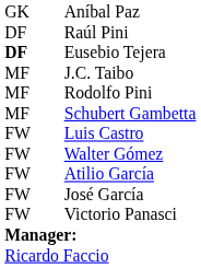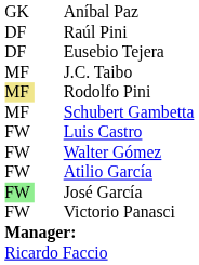 <table style="font-size:90%; margin:0.2em auto;" cellspacing="0" cellpadding="0">
 <tr>
 <th width="25"></th>
 <th width="25"></th>
 </tr>
 <tr>
 <td>GK</td>
 <td></td>
 <td> Aníbal Paz</td>
 </tr>
 <tr>
 <td>DF</td>
 <td></td>
 <td> Raúl Pini</td>
 </tr>
 <tr>
-<td><strong>DF</strong></td>
+<td>DF</td>
 <td></td>
 <td> Eusebio Tejera</td>
 </tr>
 <tr>
 <td>MF</td>
 <td></td>
 <td> J.C. Taibo</td>
 </tr>
 <tr>
-<td>MF</td>
+<td style="background: khaki;">MF</td>
 <td></td>
 <td> Rodolfo Pini</td>
 </tr>
 <tr>
 <td>MF</td>
 <td></td>
 <td> <a href='#'>Schubert Gambetta</a></td>
 </tr>
 <tr>
 <td>FW</td>
 <td></td>
 <td> <a href='#'>Luis Castro</a></td>
 </tr>
 <tr>
 <td>FW</td>
 <td></td>
 <td> <a href='#'>Walter Gómez</a></td>
 </tr>
 <tr>
 <td>FW</td>
 <td></td>
 <td> <a href='#'>Atilio García</a></td>
 </tr>
 <tr>
-<td>FW</td>
+<td style="background: lightgreen;">FW</td>
 <td></td>
 <td> José García</td>
 </tr>
 <tr>
 <td>FW</td>
 <td></td>
 <td> Victorio Panasci</td>
 </tr>
 <tr>
 <td colspan=3><strong>Manager:</strong></td>
 </tr>
 <tr>
 <td colspan=4> <a href='#'>Ricardo Faccio</a></td>
 </tr>
 </table>
